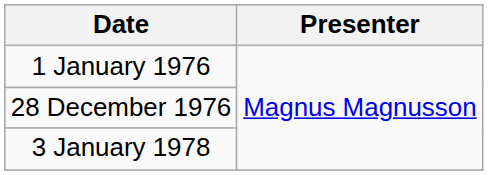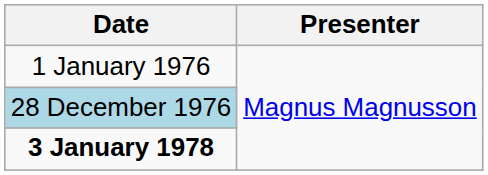 <table class="wikitable" style="text-align:center;">
 <tr>
 <th>Date</th>
 <th>Presenter</th>
 </tr>
 <tr>
 <td>1 January 1976</td>
 <td rowspan=3><a href='#'>Magnus Magnusson</a></td>
 </tr>
 <tr>
-<td>28 December 1976</td>
+<td style="background: lightblue;">28 December 1976</td>
 </tr>
 <tr>
-<td>3 January 1978</td>
+<td><strong>3 January 1978</strong></td>
 </tr>
 </table>
